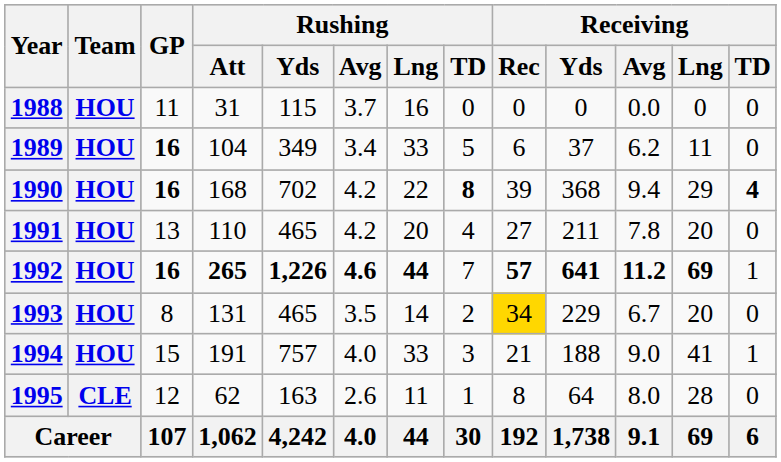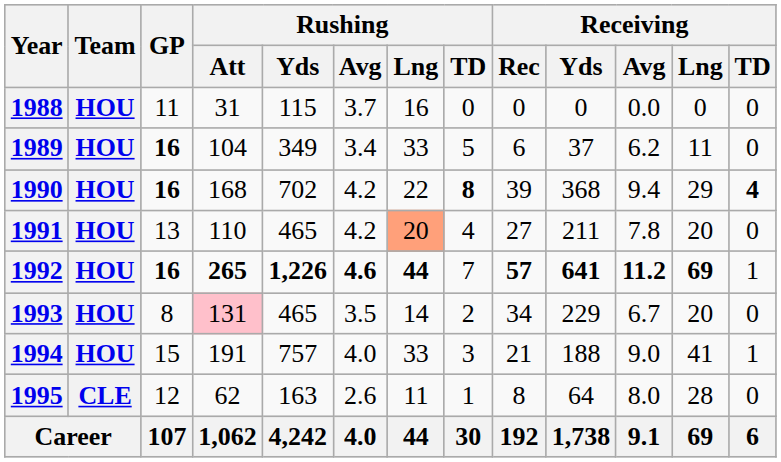 <table class="wikitable" style="text-align: center;">
 <tr>
 <th rowspan="2">Year</th>
 <th rowspan="2">Team</th>
 <th rowspan="2">GP</th>
 <th colspan="5">Rushing</th>
 <th colspan="5">Receiving</th>
 </tr>
 <tr>
 <th>Att</th>
 <th>Yds</th>
 <th>Avg</th>
 <th>Lng</th>
 <th>TD</th>
 <th>Rec</th>
 <th>Yds</th>
 <th>Avg</th>
 <th>Lng</th>
 <th>TD</th>
 </tr>
 <tr>
 <th><a href='#'>1988</a></th>
 <th><a href='#'>HOU</a></th>
 <td>11</td>
 <td>31</td>
 <td>115</td>
 <td>3.7</td>
 <td>16</td>
 <td>0</td>
 <td>0</td>
 <td>0</td>
 <td>0.0</td>
 <td>0</td>
 <td>0</td>
 </tr>
 <tr>
 <th><a href='#'>1989</a></th>
 <th><a href='#'>HOU</a></th>
 <td><strong>16</strong></td>
 <td>104</td>
 <td>349</td>
 <td>3.4</td>
 <td>33</td>
 <td>5</td>
 <td>6</td>
 <td>37</td>
 <td>6.2</td>
 <td>11</td>
 <td>0</td>
 </tr>
 <tr>
 <th><a href='#'>1990</a></th>
 <th><a href='#'>HOU</a></th>
 <td><strong>16</strong></td>
 <td>168</td>
 <td>702</td>
 <td>4.2</td>
 <td>22</td>
 <td><strong>8</strong></td>
 <td>39</td>
 <td>368</td>
 <td>9.4</td>
 <td>29</td>
 <td><strong>4</strong></td>
 </tr>
 <tr>
 <th><a href='#'>1991</a></th>
 <th><a href='#'>HOU</a></th>
 <td>13</td>
 <td>110</td>
 <td>465</td>
 <td>4.2</td>
-<td>20</td>
+<td style="background: lightsalmon;">20</td>
 <td>4</td>
 <td>27</td>
 <td>211</td>
 <td>7.8</td>
 <td>20</td>
 <td>0</td>
 </tr>
 <tr>
 <th><a href='#'>1992</a></th>
 <th><a href='#'>HOU</a></th>
 <td><strong>16</strong></td>
 <td><strong>265</strong></td>
 <td><strong>1,226</strong></td>
 <td><strong>4.6</strong></td>
 <td><strong>44</strong></td>
 <td>7</td>
 <td><strong>57</strong></td>
 <td><strong>641</strong></td>
 <td><strong>11.2</strong></td>
 <td><strong>69</strong></td>
 <td>1</td>
 </tr>
 <tr>
 <th><a href='#'>1993</a></th>
 <th><a href='#'>HOU</a></th>
 <td>8</td>
-<td>131</td>
+<td style="background: pink;">131</td>
 <td>465</td>
 <td>3.5</td>
 <td>14</td>
 <td>2</td>
-<td style="background: gold;">34</td>
+<td>34</td>
 <td>229</td>
 <td>6.7</td>
 <td>20</td>
 <td>0</td>
 </tr>
 <tr>
 <th><a href='#'>1994</a></th>
 <th><a href='#'>HOU</a></th>
 <td>15</td>
 <td>191</td>
 <td>757</td>
 <td>4.0</td>
 <td>33</td>
 <td>3</td>
 <td>21</td>
 <td>188</td>
 <td>9.0</td>
 <td>41</td>
 <td>1</td>
 </tr>
 <tr>
 <th><a href='#'>1995</a></th>
 <th><a href='#'>CLE</a></th>
 <td>12</td>
 <td>62</td>
 <td>163</td>
 <td>2.6</td>
 <td>11</td>
 <td>1</td>
 <td>8</td>
 <td>64</td>
 <td>8.0</td>
 <td>28</td>
 <td>0</td>
 </tr>
 <tr>
 <th colspan="2">Career</th>
 <th>107</th>
 <th>1,062</th>
 <th>4,242</th>
 <th>4.0</th>
 <th>44</th>
 <th>30</th>
 <th>192</th>
 <th>1,738</th>
 <th>9.1</th>
 <th>69</th>
 <th>6</th>
 </tr>
 </table>
